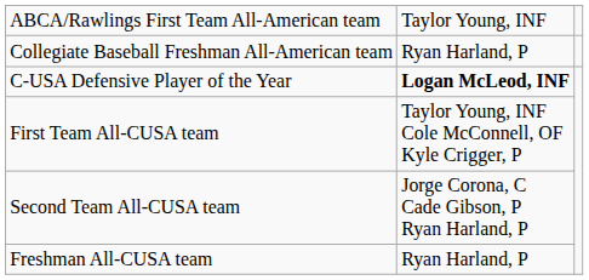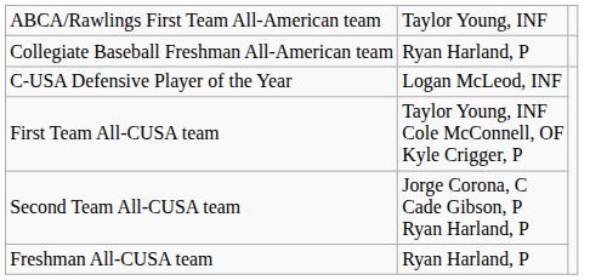 <table class="wikitable">
 <tr>
 <td>ABCA/Rawlings First Team All-American team</td>
 <td>Taylor Young, INF</td>
 <td></td>
 </tr>
 <tr>
 <td>Collegiate Baseball Freshman All-American team</td>
 <td>Ryan Harland, P</td>
 <td></td>
 </tr>
 <tr>
 <td>C-USA Defensive Player of the Year</td>
-<td><strong>Logan McLeod, INF</strong></td>
+<td>Logan McLeod, INF</td>
 <td rowspan=4></td>
 </tr>
 <tr>
 <td>First Team All-CUSA team</td>
 <td>Taylor Young, INF<br>Cole McConnell, OF<br>Kyle Crigger, P</td>
 </tr>
 <tr>
 <td>Second Team All-CUSA team</td>
 <td>Jorge Corona, C<br>Cade Gibson, P<br>Ryan Harland, P</td>
 </tr>
 <tr>
 <td>Freshman All-CUSA team</td>
 <td>Ryan Harland, P</td>
 </tr>
 </table>
